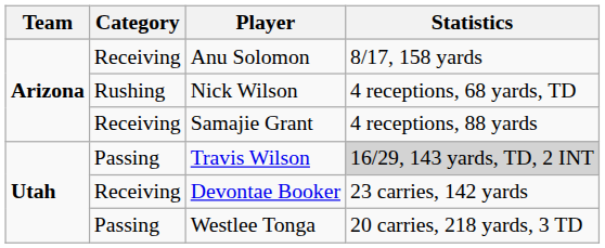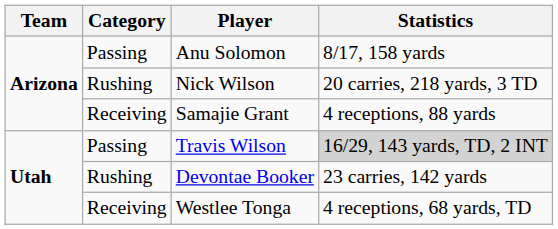 <table class="wikitable" style="float: right;">
 <tr>
 <th>Team</th>
 <th>Category</th>
 <th>Player</th>
 <th>Statistics</th>
 </tr>
 <tr>
 <td rowspan=3><strong>Arizona</strong></td>
-<td>Receiving</td>
+<td>Passing</td>
 <td>Anu Solomon</td>
 <td>8/17, 158 yards</td>
 </tr>
 <tr>
 <td>Rushing</td>
 <td>Nick Wilson</td>
-<td>4 receptions, 68 yards, TD</td>
+<td>20 carries, 218 yards, 3 TD</td>
 </tr>
 <tr>
 <td>Receiving</td>
 <td>Samajie Grant</td>
 <td>4 receptions, 88 yards</td>
 </tr>
 <tr>
 <td rowspan=3><strong>Utah</strong></td>
 <td>Passing</td>
 <td><a href='#'>Travis Wilson</a></td>
 <td style="background: lightgrey;">16/29, 143 yards, TD, 2 INT</td>
 </tr>
 <tr>
-<td>Receiving</td>
+<td>Rushing</td>
 <td><a href='#'>Devontae Booker</a></td>
 <td>23 carries, 142 yards</td>
 </tr>
 <tr>
-<td>Passing</td>
+<td>Receiving</td>
 <td>Westlee Tonga</td>
-<td>20 carries, 218 yards, 3 TD</td>
+<td>4 receptions, 68 yards, TD</td>
 </tr>
 </table>
